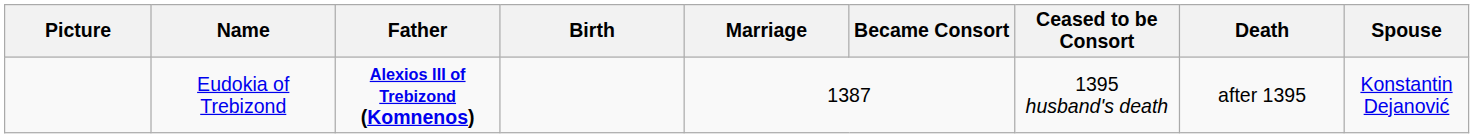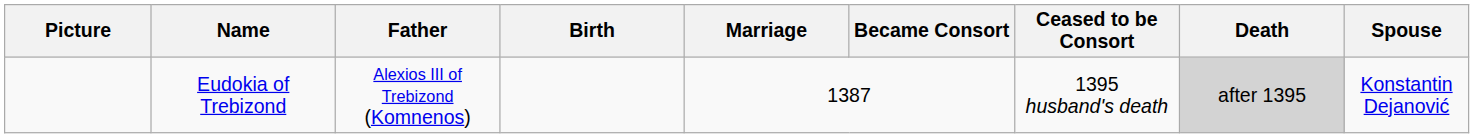 <table style="width:95%;" class="wikitable">
 <tr>
 <th style="width:8%;">Picture</th>
 <th style="width:10%;">Name</th>
 <th style="width:9%;">Father</th>
 <th style="width:10%;">Birth</th>
 <th style="width:9%;">Marriage</th>
 <th style="width:9%;">Became Consort</th>
 <th style="width:9%;">Ceased to be Consort</th>
 <th style="width:9%;">Death</th>
 <th style="width:6%;">Spouse</th>
 </tr>
 <tr>
 <td style="text-align:center;"></td>
 <td style="text-align:center;"><a href='#'>Eudokia of Trebizond</a></td>
-<td style="text-align:center;"><strong><small><a href='#'>Alexios III of Trebizond</a></small><br>(<a href='#'>Komnenos</a>)</strong></td>
+<td style="text-align:center;"><small><a href='#'>Alexios III of Trebizond</a></small><br>(<a href='#'>Komnenos</a>)</td>
 <td style="text-align:center;"></td>
 <td style="text-align:center;" colspan="2">1387</td>
 <td style="text-align:center;">1395<br><em>husband's death</em></td>
-<td style="text-align:center;">after 1395</td>
+<td style="background: lightgrey; text-align:center;">after 1395</td>
 <td style="text-align:center;"><a href='#'>Konstantin Dejanović</a></td>
 </tr>
 </table>
